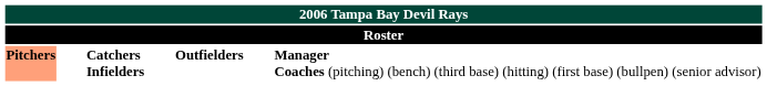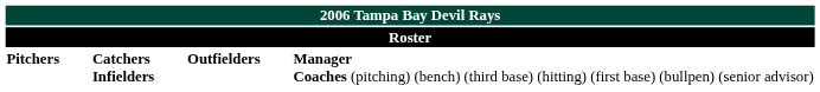 <table class="toccolours" style="font-size: 95%;">
 <tr>
 <th colspan="10" style="background:#004638; color:#FFFFFF; text-align:center;">2006 Tampa Bay Devil Rays</th>
 </tr>
 <tr>
 <td colspan="10" style="background:#000; color:#FFFFFF; text-align:center;"><strong>Roster</strong></td>
 </tr>
 <tr>
-<td valign="top" style="background: lightsalmon;"><strong>Pitchers</strong><br>                        </td>
+<td valign="top"><strong>Pitchers</strong><br>                        </td>
 <td style="width:25px;"></td>
 <td valign="top"><strong>Catchers</strong><br>    <strong>Infielders</strong>            </td>
 <td style="width:25px;"></td>
 <td valign="top"><strong>Outfielders</strong><br>       </td>
 <td style="width:25px;"></td>
 <td valign="top"><strong>Manager</strong><br> <strong>Coaches</strong>  (pitching)  (bench)  (third base)  (hitting)  (first base)  (bullpen)  (senior advisor)</td>
 </tr>
 </table>
